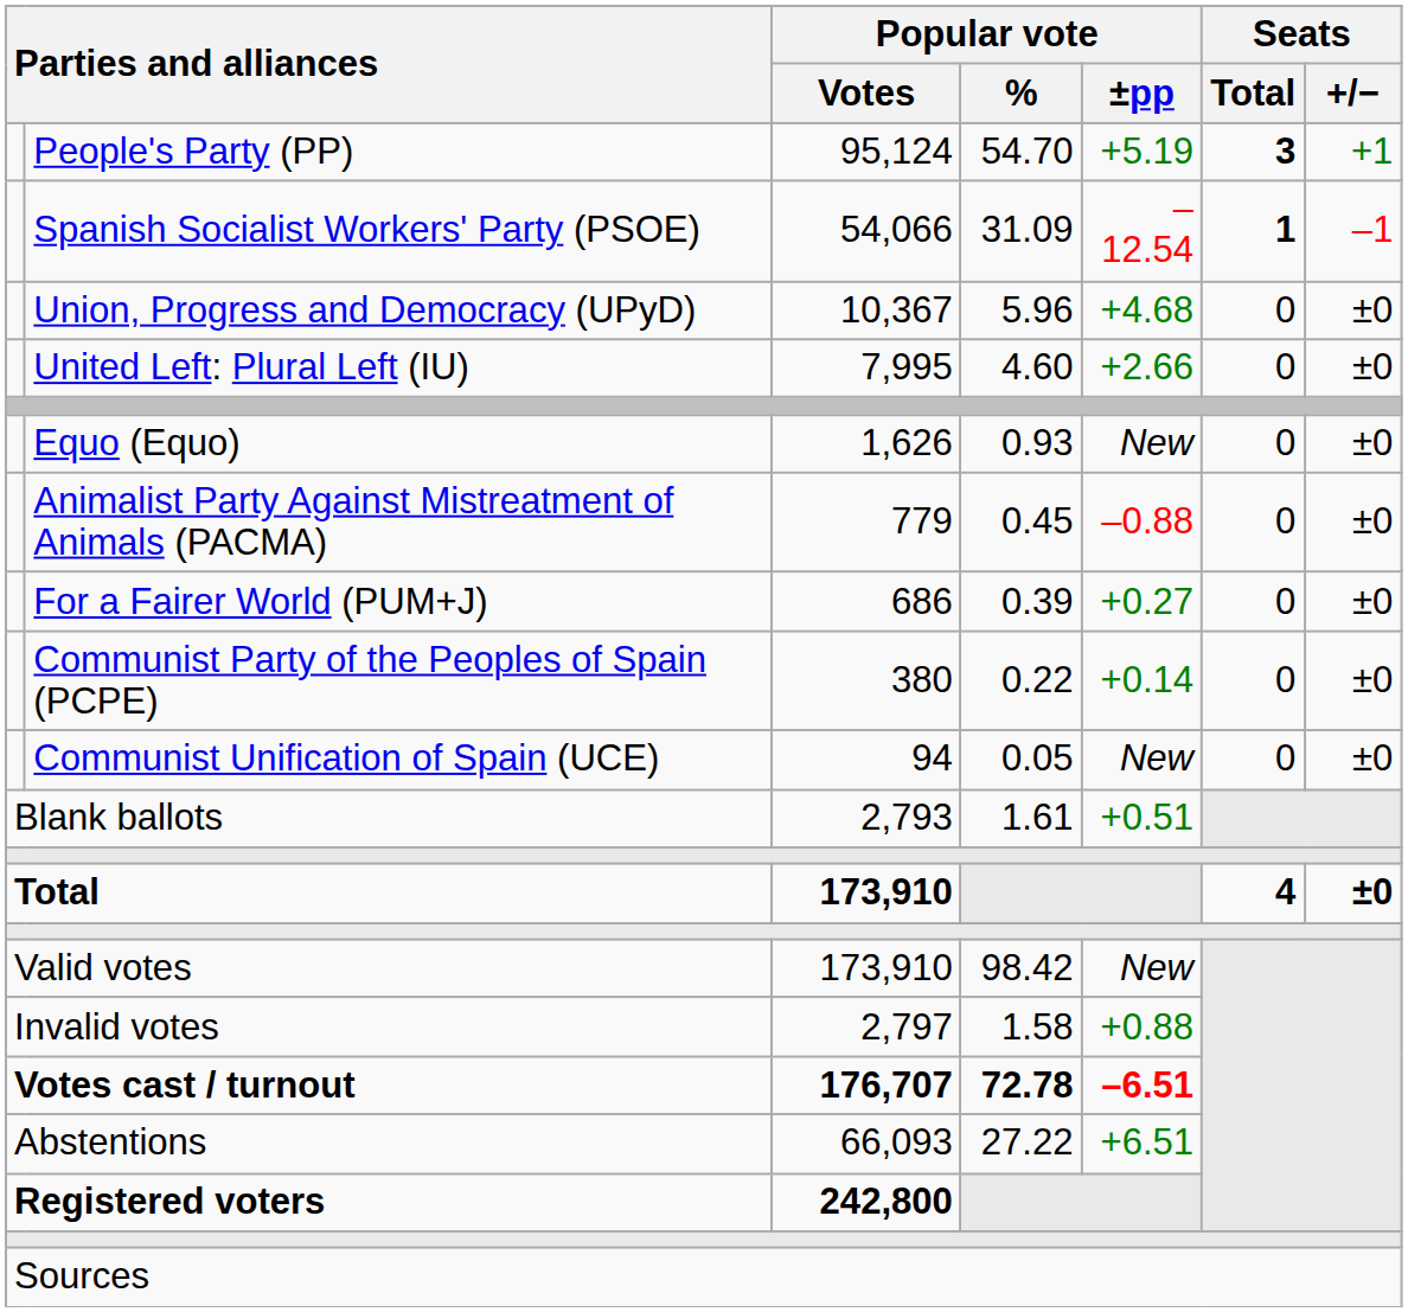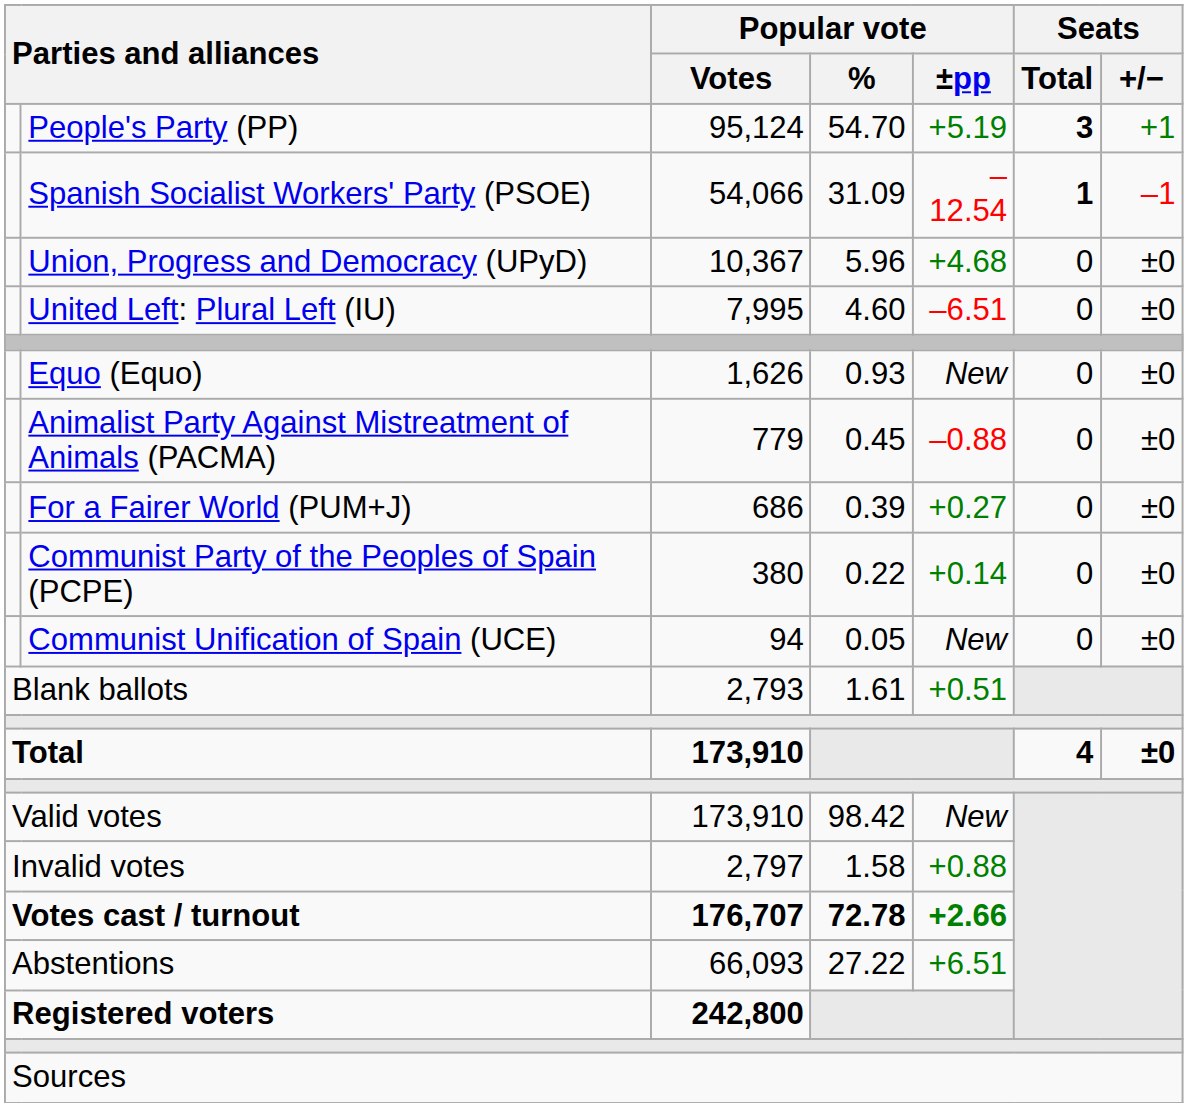 <table class="wikitable" style="text-align:right;">
 <tr>
 <th style="text-align:left;" rowspan="2" colspan="2" width="525">Parties and alliances</th>
 <th colspan="3">Popular vote</th>
 <th colspan="2">Seats</th>
 </tr>
 <tr>
 <th width="75">Votes</th>
 <th width="45">%</th>
 <th width="45">±<a href='#'>pp</a></th>
 <th width="35">Total</th>
 <th width="35">+/−</th>
 </tr>
 <tr>
 <td width="1" style="color:inherit;background:"></td>
 <td align="left"><a href='#'>People's Party</a> (PP)</td>
 <td>95,124</td>
 <td>54.70</td>
 <td style="color:green;">+5.19</td>
 <td><strong>3</strong></td>
 <td style="color:green;">+1</td>
 </tr>
 <tr>
 <td style="color:inherit;background:"></td>
 <td align="left"><a href='#'>Spanish Socialist Workers' Party</a> (PSOE)</td>
 <td>54,066</td>
 <td>31.09</td>
 <td style="color:red;">–12.54</td>
 <td><strong>1</strong></td>
 <td style="color:red;">–1</td>
 </tr>
 <tr>
 <td style="color:inherit;background:"></td>
 <td align="left"><a href='#'>Union, Progress and Democracy</a> (UPyD)</td>
 <td>10,367</td>
 <td>5.96</td>
 <td style="color:green;">+4.68</td>
 <td>0</td>
 <td>±0</td>
 </tr>
 <tr>
 <td style="color:inherit;background:"></td>
 <td align="left"><a href='#'>United Left</a>: <a href='#'>Plural Left</a> (IU)</td>
 <td>7,995</td>
 <td>4.60</td>
-<td style="color:green;">+2.66</td>
+<td style="color:red;">–6.51</td>
 <td>0</td>
 <td>±0</td>
 </tr>
 <tr>
 <td colspan="7" bgcolor="#C0C0C0"></td>
 </tr>
 <tr>
 <td style="color:inherit;background:"></td>
 <td align="left"><a href='#'>Equo</a> (Equo)</td>
 <td>1,626</td>
 <td>0.93</td>
 <td><em>New</em></td>
 <td>0</td>
 <td>±0</td>
 </tr>
 <tr>
 <td style="color:inherit;background:"></td>
 <td align="left"><a href='#'>Animalist Party Against Mistreatment of Animals</a> (PACMA)</td>
 <td>779</td>
 <td>0.45</td>
 <td style="color:red;">–0.88</td>
 <td>0</td>
 <td>±0</td>
 </tr>
 <tr>
 <td style="color:inherit;background:"></td>
 <td align="left"><a href='#'>For a Fairer World</a> (PUM+J)</td>
 <td>686</td>
 <td>0.39</td>
 <td style="color:green;">+0.27</td>
 <td>0</td>
 <td>±0</td>
 </tr>
 <tr>
 <td style="color:inherit;background:"></td>
 <td align="left"><a href='#'>Communist Party of the Peoples of Spain</a> (PCPE)</td>
 <td>380</td>
 <td>0.22</td>
 <td style="color:green;">+0.14</td>
 <td>0</td>
 <td>±0</td>
 </tr>
 <tr>
 <td style="color:inherit;background:"></td>
 <td align="left"><a href='#'>Communist Unification of Spain</a> (UCE)</td>
 <td>94</td>
 <td>0.05</td>
 <td><em>New</em></td>
 <td>0</td>
 <td>±0</td>
 </tr>
 <tr>
 <td align="left" colspan="2">Blank ballots</td>
 <td>2,793</td>
 <td>1.61</td>
 <td style="color:green;">+0.51</td>
 <td bgcolor="#E9E9E9" colspan="2"></td>
 </tr>
 <tr>
 <td colspan="7" bgcolor="#E9E9E9"></td>
 </tr>
 <tr style="font-weight:bold;">
 <td align="left" colspan="2">Total</td>
 <td>173,910</td>
 <td bgcolor="#E9E9E9" colspan="2"></td>
 <td>4</td>
 <td>±0</td>
 </tr>
 <tr>
 <td colspan="7" bgcolor="#E9E9E9"></td>
 </tr>
 <tr>
 <td align="left" colspan="2">Valid votes</td>
 <td>173,910</td>
 <td>98.42</td>
 <td><em>New</em></td>
 <td bgcolor="#E9E9E9" colspan="2" rowspan="5"></td>
 </tr>
 <tr>
 <td align="left" colspan="2">Invalid votes</td>
 <td>2,797</td>
 <td>1.58</td>
 <td style="color:green;">+0.88</td>
 </tr>
 <tr style="font-weight:bold;">
 <td align="left" colspan="2">Votes cast / turnout</td>
 <td>176,707</td>
 <td>72.78</td>
-<td style="color:red;">–6.51</td>
+<td style="color:green;">+2.66</td>
 </tr>
 <tr>
 <td align="left" colspan="2">Abstentions</td>
 <td>66,093</td>
 <td>27.22</td>
 <td style="color:green;">+6.51</td>
 </tr>
 <tr style="font-weight:bold;">
 <td align="left" colspan="2">Registered voters</td>
 <td>242,800</td>
 <td bgcolor="#E9E9E9" colspan="2"></td>
 </tr>
 <tr>
 <td colspan="7" bgcolor="#E9E9E9"></td>
 </tr>
 <tr>
 <td align="left" colspan="7">Sources</td>
 </tr>
 </table>
